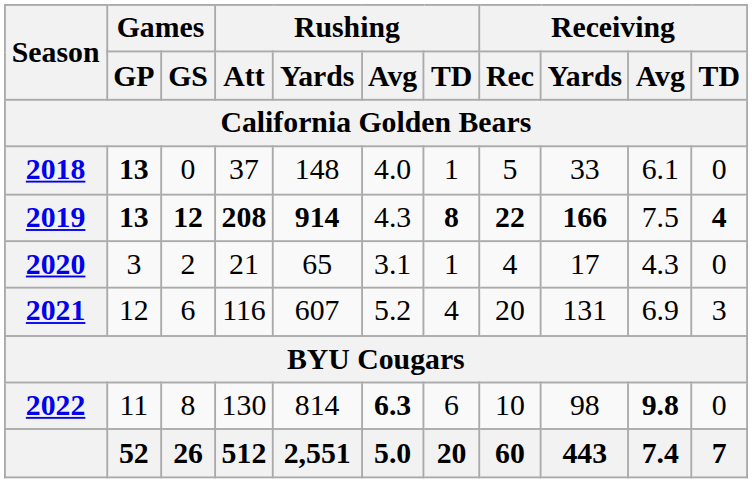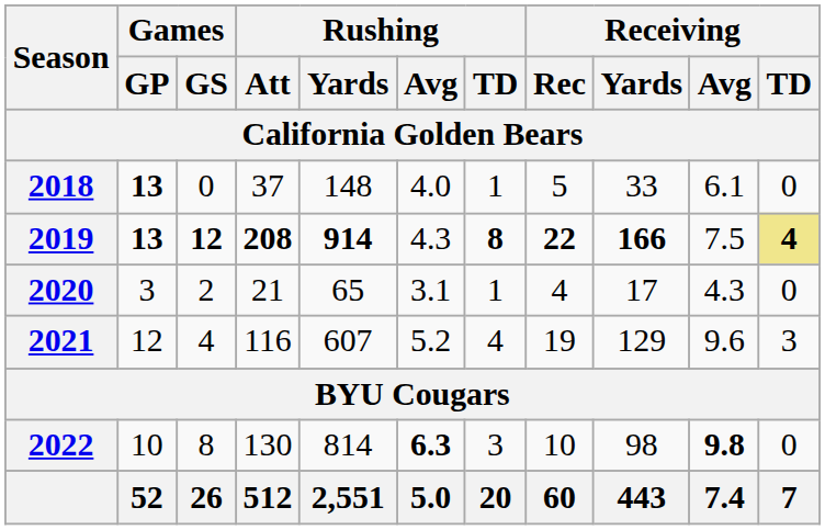 <table class="wikitable" style="text-align:center;">
 <tr>
 <th rowspan="2">Season</th>
 <th colspan="2">Games</th>
 <th colspan="4">Rushing</th>
 <th colspan="4">Receiving</th>
 </tr>
 <tr>
 <th>GP</th>
 <th>GS</th>
 <th>Att</th>
 <th>Yards</th>
 <th>Avg</th>
 <th>TD</th>
 <th>Rec</th>
 <th>Yards</th>
 <th>Avg</th>
 <th>TD</th>
 </tr>
 <tr>
 <th colspan="16">California Golden Bears</th>
 </tr>
 <tr>
 <th><a href='#'>2018</a></th>
 <td><strong>13</strong></td>
 <td>0</td>
 <td>37</td>
 <td>148</td>
 <td>4.0</td>
 <td>1</td>
 <td>5</td>
 <td>33</td>
 <td>6.1</td>
 <td>0</td>
 </tr>
 <tr>
 <th><a href='#'>2019</a></th>
 <td><strong>13</strong></td>
 <td><strong>12</strong></td>
 <td><strong>208</strong></td>
 <td><strong>914</strong></td>
 <td>4.3</td>
 <td><strong>8</strong></td>
 <td><strong>22</strong></td>
 <td><strong>166</strong></td>
 <td>7.5</td>
-<td><strong>4</strong></td>
+<td style="background: khaki;"><strong>4</strong></td>
 </tr>
 <tr>
 <th><a href='#'>2020</a></th>
 <td>3</td>
 <td>2</td>
 <td>21</td>
 <td>65</td>
 <td>3.1</td>
 <td>1</td>
 <td>4</td>
 <td>17</td>
 <td>4.3</td>
 <td>0</td>
 </tr>
 <tr>
 <th><a href='#'>2021</a></th>
 <td>12</td>
-<td>6</td>
+<td>4</td>
 <td>116</td>
 <td>607</td>
 <td>5.2</td>
 <td>4</td>
-<td>20</td>
-<td>131</td>
-<td>6.9</td>
+<td>19</td>
+<td>129</td>
+<td>9.6</td>
 <td>3</td>
 </tr>
 <tr>
 <th colspan="16">BYU Cougars</th>
 </tr>
 <tr>
 <th><a href='#'>2022</a></th>
-<td>11</td>
+<td>10</td>
 <td>8</td>
 <td>130</td>
 <td>814</td>
 <td><strong>6.3</strong></td>
-<td>6</td>
+<td>3</td>
 <td>10</td>
 <td>98</td>
 <td><strong>9.8</strong></td>
 <td>0</td>
 </tr>
 <tr>
 <th></th>
 <th>52</th>
 <th>26</th>
 <th>512</th>
 <th>2,551</th>
 <th>5.0</th>
 <th>20</th>
 <th>60</th>
 <th>443</th>
 <th>7.4</th>
 <th>7</th>
 </tr>
 </table>
